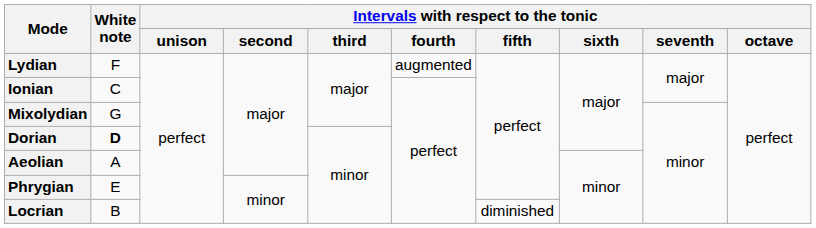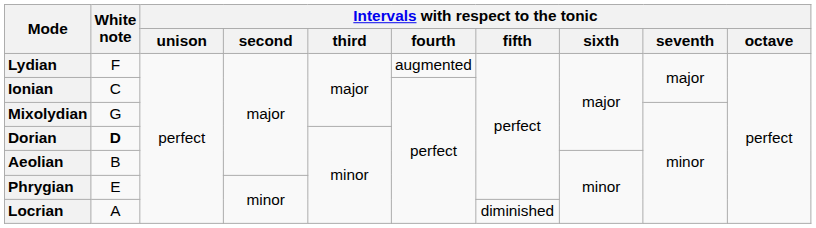 <table class="wikitable" style="text-align: center">
 <tr>
 <th rowspan="2">Mode</th>
 <th rowspan="2">White<br>note</th>
 <th colspan="8"><a href='#'>Intervals</a> with respect to the tonic</th>
 </tr>
 <tr>
 <th style="width: 5em">unison</th>
 <th style="width: 5em">second</th>
 <th style="width: 5em">third</th>
 <th style="width: 5em">fourth</th>
 <th style="width: 5em">fifth</th>
 <th style="width: 5em">sixth</th>
 <th style="width: 5em">seventh</th>
 <th style="width: 5em">octave</th>
 </tr>
 <tr>
 <th style="text-align: left">Lydian</th>
 <td>F</td>
 <td rowspan="7">perfect</td>
 <td rowspan="5">major</td>
 <td rowspan="3">major</td>
 <td rowspan="1">augmented</td>
 <td rowspan="6">perfect</td>
 <td rowspan="4">major</td>
 <td rowspan="2">major</td>
 <td rowspan="7">perfect</td>
 </tr>
 <tr>
 <th style="text-align: left">Ionian</th>
 <td>C</td>
 <td rowspan="6">perfect</td>
 </tr>
 <tr>
 <th style="text-align: left">Mixolydian</th>
 <td>G</td>
 <td rowspan="5">minor</td>
 </tr>
 <tr>
 <th style="text-align: left">Dorian</th>
 <td><strong>D</strong></td>
 <td rowspan="4">minor</td>
 </tr>
 <tr>
 <th style="text-align: left">Aeolian</th>
-<td>A</td>
+<td>B</td>
 <td rowspan="3">minor</td>
 </tr>
 <tr>
 <th style="text-align: left">Phrygian</th>
 <td>E</td>
 <td rowspan="2">minor</td>
 </tr>
 <tr>
 <th style="text-align: left">Locrian</th>
-<td>B</td>
+<td>A</td>
 <td rowspan="1">diminished</td>
 </tr>
 </table>
